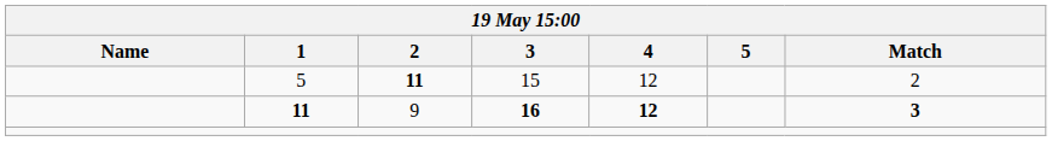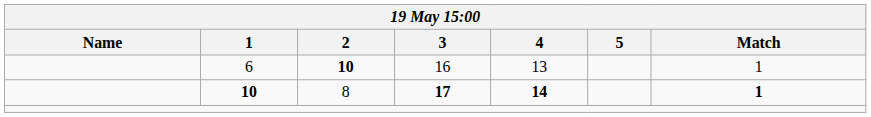 <table class=wikitable style="text-align:center; width: 55%">
 <tr>
 <th colspan=17><em>19 May 15:00</em></th>
 </tr>
 <tr>
 <th>Name</th>
 <th>1</th>
 <th>2</th>
 <th>3</th>
 <th>4</th>
 <th>5</th>
 <th>Match</th>
 </tr>
 <tr>
 <td style="text-align:left;"></td>
-<td>5</td>
-<td><strong>11</strong></td>
-<td>15</td>
-<td>12</td>
+<td>6</td>
+<td><strong>10</strong></td>
+<td>16</td>
+<td>13</td>
 <td></td>
-<td>2</td>
+<td>1</td>
 </tr>
 <tr>
 <td style="text-align:left;"><strong></strong></td>
-<td><strong>11</strong></td>
-<td>9</td>
-<td><strong>16</strong></td>
-<td><strong>12</strong></td>
+<td><strong>10</strong></td>
+<td>8</td>
+<td><strong>17</strong></td>
+<td><strong>14</strong></td>
 <td></td>
-<td><strong>3</strong></td>
+<td><strong>1</strong></td>
 </tr>
 <tr>
 <td colspan=17></td>
 </tr>
 </table>
